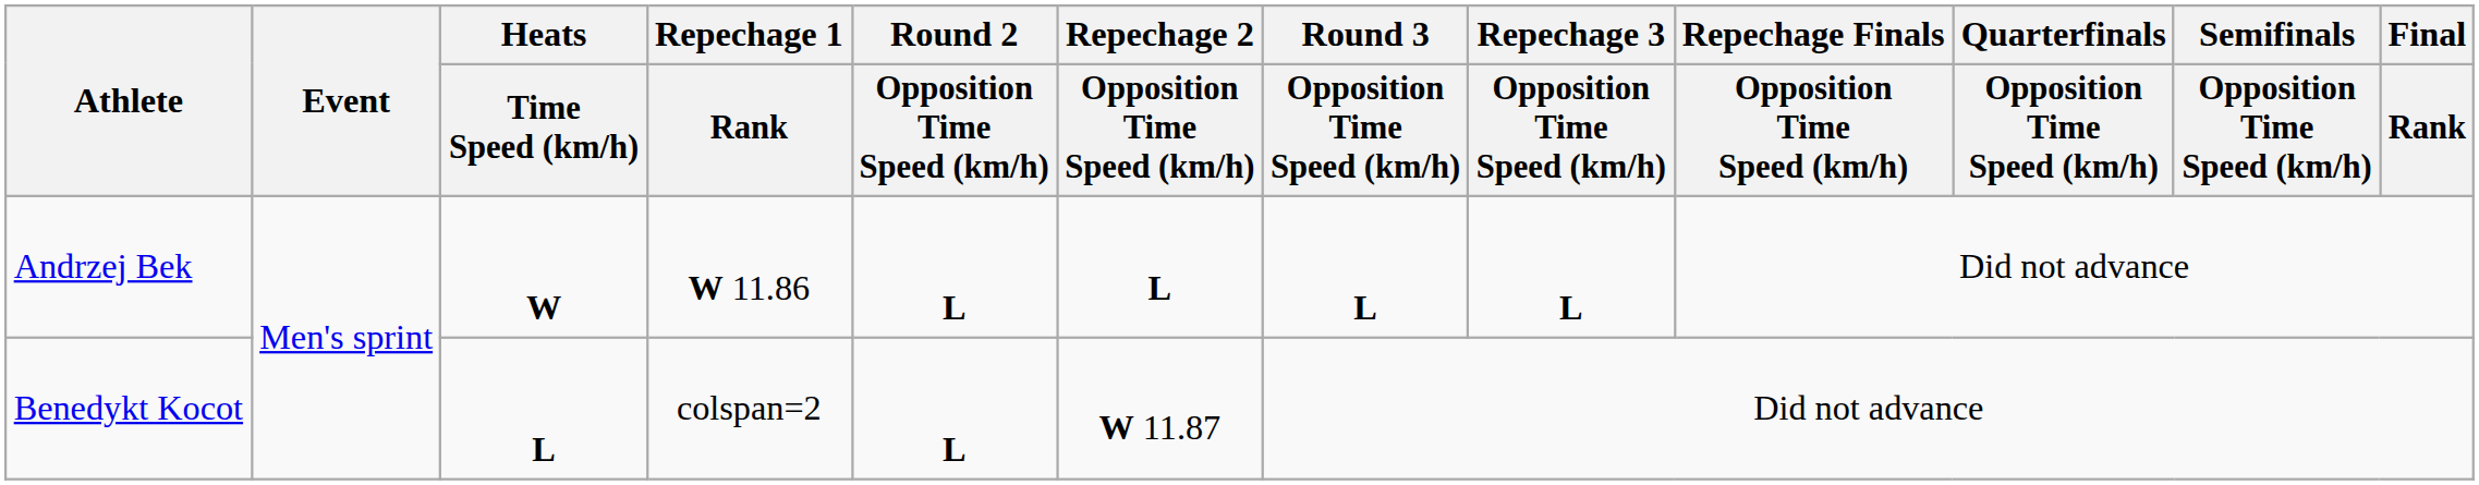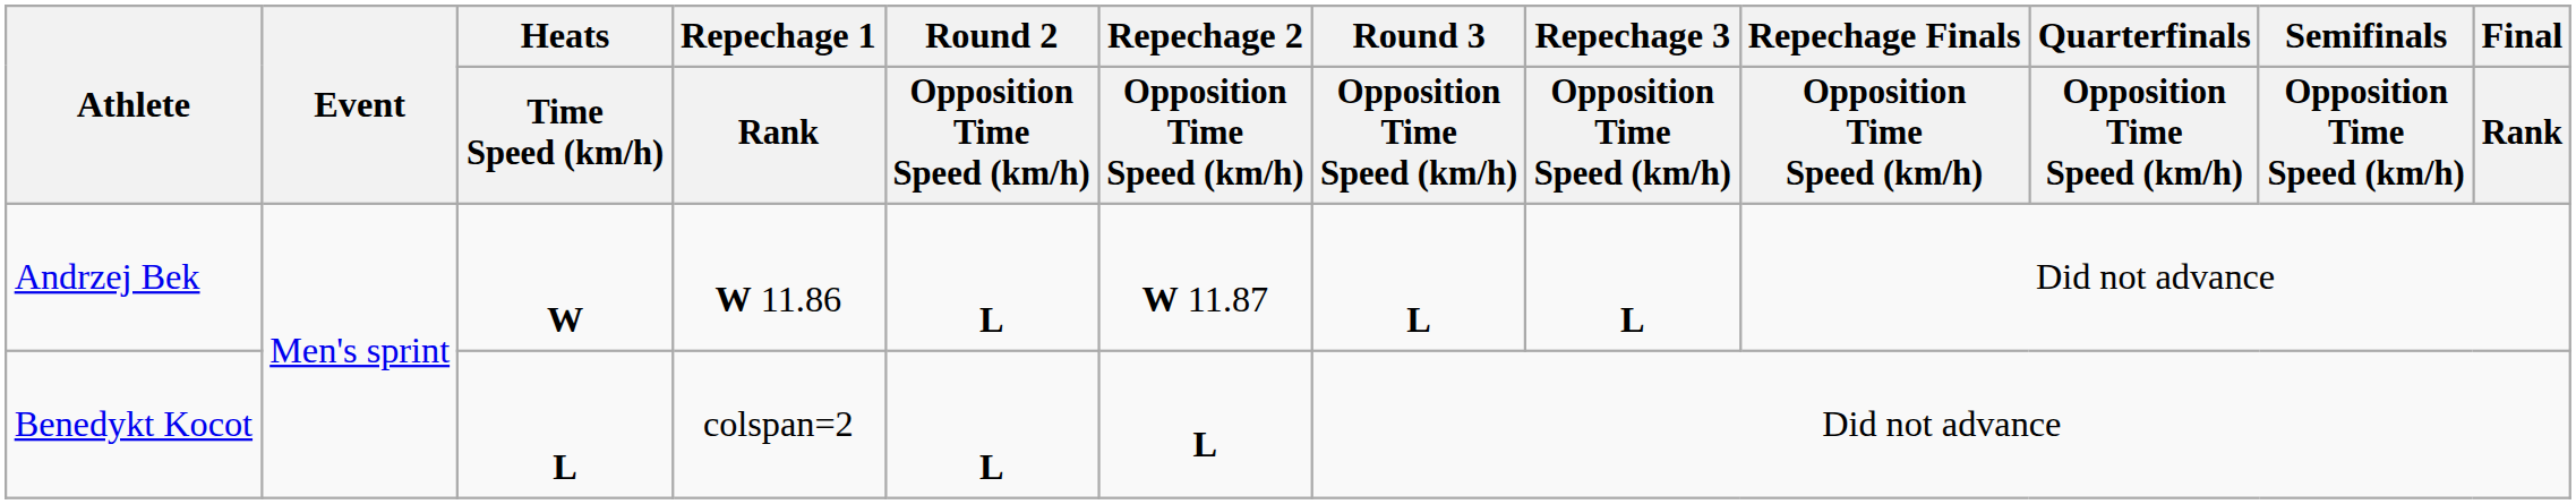 <table class="wikitable" style="font-size:90%">
 <tr>
 <th rowspan="2">Athlete</th>
 <th rowspan="2">Event</th>
 <th>Heats</th>
 <th>Repechage 1</th>
 <th>Round 2</th>
 <th>Repechage 2</th>
 <th>Round 3</th>
 <th>Repechage 3</th>
 <th>Repechage Finals</th>
 <th>Quarterfinals</th>
 <th>Semifinals</th>
 <th colspan=2>Final</th>
 </tr>
 <tr style="font-size:95%">
 <th>Time<br>Speed (km/h)</th>
 <th>Rank</th>
 <th>Opposition<br>Time<br>Speed (km/h)</th>
 <th>Opposition<br>Time<br>Speed (km/h)</th>
 <th>Opposition<br>Time<br>Speed (km/h)</th>
 <th>Opposition<br>Time<br>Speed (km/h)</th>
 <th>Opposition<br>Time<br>Speed (km/h)</th>
 <th>Opposition<br>Time<br>Speed (km/h)</th>
 <th>Opposition<br>Time<br>Speed (km/h)</th>
 <th>Rank</th>
 </tr>
 <tr align=center>
 <td align=left><a href='#'>Andrzej Bek</a></td>
 <td style="text-align:left;" rowspan="2"><a href='#'>Men's sprint</a></td>
 <td><br><br><strong>W</strong></td>
 <td><br><strong>W</strong> 11.86</td>
 <td><br><br><strong>L</strong></td>
-<td><br><strong>L</strong></td>
+<td><br><strong>W</strong> 11.87</td>
 <td><br><br><strong>L</strong></td>
 <td><br><br><strong>L</strong></td>
 <td colspan=8>Did not advance</td>
 </tr>
 <tr align=center>
 <td align=left><a href='#'>Benedykt Kocot</a></td>
 <td><br><br><strong>L</strong></td>
 <td>colspan=2 </td>
 <td><br><br><strong>L</strong></td>
-<td><br><strong>W</strong> 11.87</td>
+<td><br><strong>L</strong></td>
 <td colspan=8>Did not advance</td>
 </tr>
 </table>
